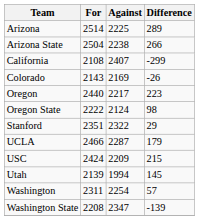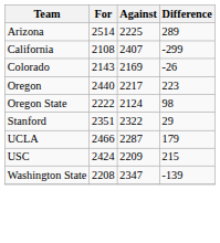 <table class="wikitable sortable">
 <tr>
 <th scope="col">Team</th>
 <th scope="col">For</th>
 <th scope="col">Against</th>
 <th scope="col">Difference</th>
 </tr>
 <tr>
 <td>Arizona</td>
 <td>2514</td>
 <td>2225</td>
 <td>289</td>
-</tr>
-<tr>
-<td>Arizona State</td>
-<td>2504</td>
-<td>2238</td>
-<td>266</td>
 </tr>
 <tr>
 <td>California</td>
 <td>2108</td>
 <td>2407</td>
 <td>-299</td>
 </tr>
 <tr>
 <td>Colorado</td>
 <td>2143</td>
 <td>2169</td>
 <td>-26</td>
 </tr>
 <tr>
 <td>Oregon</td>
 <td>2440</td>
 <td>2217</td>
 <td>223</td>
 </tr>
 <tr>
 <td>Oregon State</td>
 <td>2222</td>
 <td>2124</td>
 <td>98</td>
 </tr>
 <tr>
 <td>Stanford</td>
 <td>2351</td>
 <td>2322</td>
 <td>29</td>
 </tr>
 <tr>
 <td>UCLA</td>
 <td>2466</td>
 <td>2287</td>
 <td>179</td>
 </tr>
 <tr>
 <td>USC</td>
 <td>2424</td>
 <td>2209</td>
 <td>215</td>
 </tr>
 <tr>
-<td>Utah</td>
-<td>2139</td>
-<td>1994</td>
-<td>145</td>
-</tr>
-<tr>
-<td>Washington</td>
-<td>2311</td>
-<td>2254</td>
-<td>57</td>
-</tr>
-<tr>
 <td>Washington State</td>
 <td>2208</td>
 <td>2347</td>
 <td>-139</td>
 </tr>
 <tr>
 </tr>
 </table>
